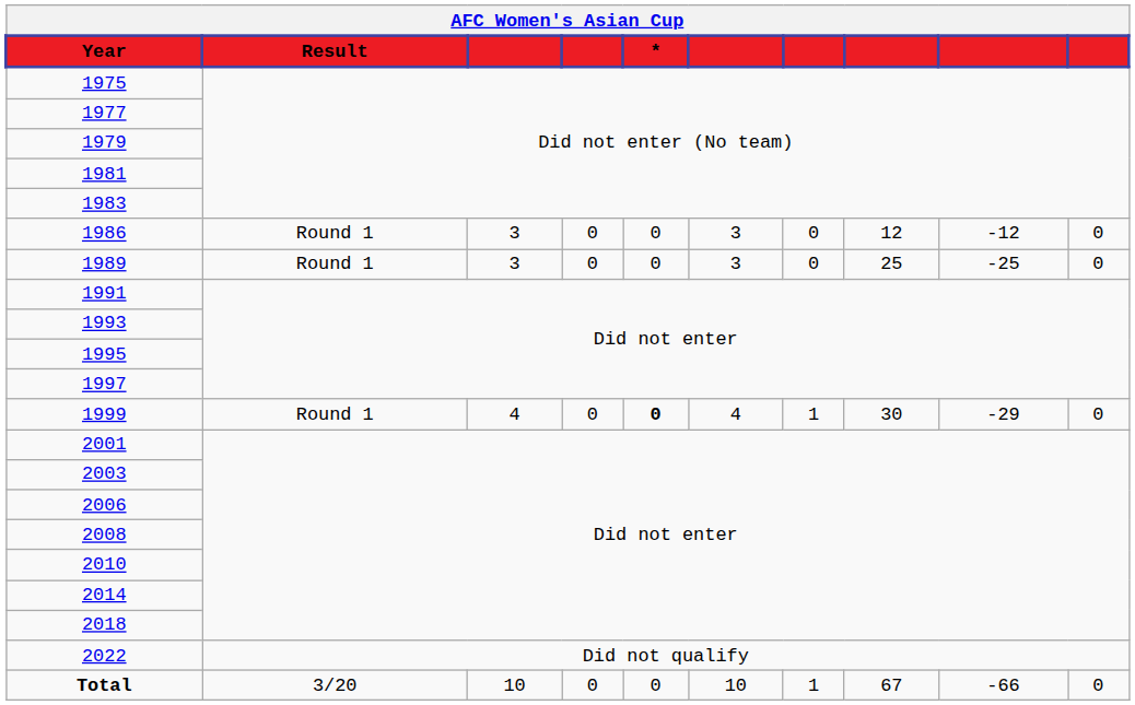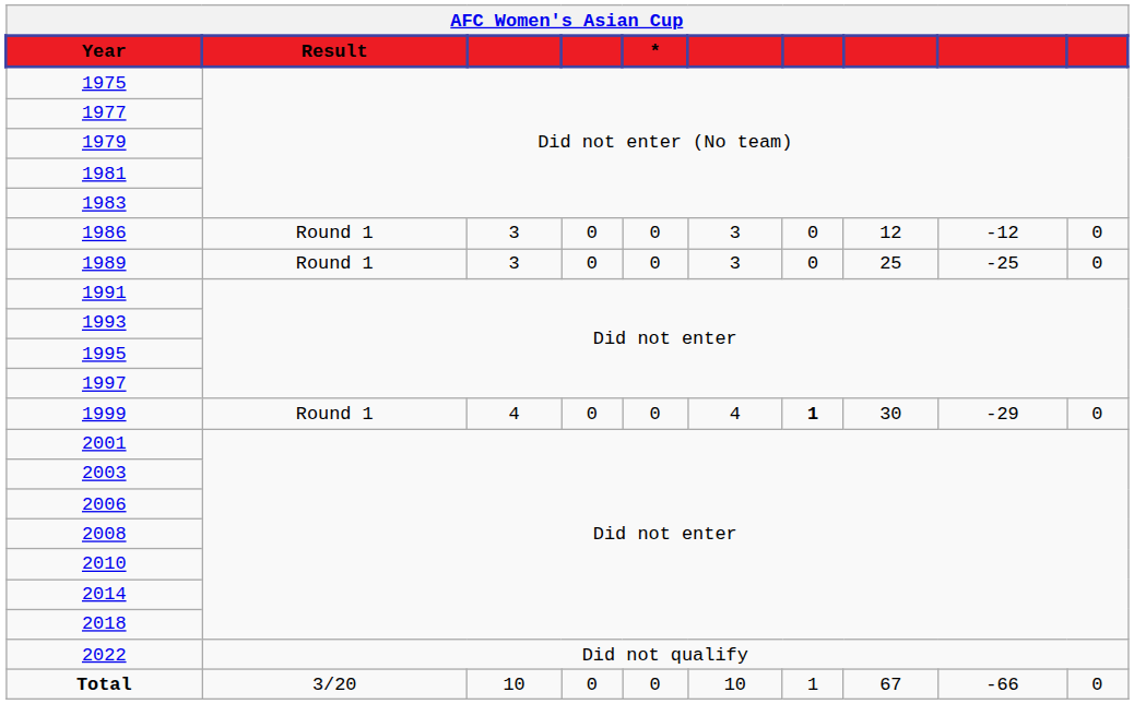 <table Class = "wikitable" style = "text-align: center; width:50%;">
 <tr>
 <th colspan=10><a href='#'>AFC Women's Asian Cup</a></th>
 </tr>
 <tr>
 <th style="background:#ED1C24;border: 2px solid #3F43A4;"><span>Year</span></th>
 <th style="background:#ED1C24;border: 2px solid #3F43A4;"><span>Result</span></th>
 <th style="background:#ED1C24;border: 2px solid #3F43A4;"><span></span></th>
 <th style="background:#ED1C24;border: 2px solid #3F43A4;"><span></span></th>
 <th style="background:#ED1C24;border: 2px solid #3F43A4;"><span>*</span></th>
 <th style="background:#ED1C24;border: 2px solid #3F43A4;"><span></span></th>
 <th style="background:#ED1C24;border: 2px solid #3F43A4;"><span></span></th>
 <th style="background:#ED1C24;border: 2px solid #3F43A4;"><span></span></th>
 <th style="background:#ED1C24;border: 2px solid #3F43A4;"><span></span></th>
 <th style="background:#ED1C24;border: 2px solid #3F43A4;"><span></span></th>
 </tr>
 <tr>
 <td> <a href='#'>1975</a></td>
 <td colspan = 9 rowspan = 5>Did not enter (No team)</td>
 </tr>
 <tr>
 <td> <a href='#'>1977</a></td>
 </tr>
 <tr>
 <td> <a href='#'>1979</a></td>
 </tr>
 <tr>
 <td> <a href='#'>1981</a></td>
 </tr>
 <tr>
 <td> <a href='#'>1983</a></td>
 </tr>
 <tr>
 <td> <a href='#'>1986</a></td>
 <td>Round 1</td>
 <td>3</td>
 <td>0</td>
 <td>0</td>
 <td>3</td>
 <td>0</td>
 <td>12</td>
 <td>-12</td>
 <td>0</td>
 </tr>
 <tr>
 <td> <a href='#'>1989</a></td>
 <td>Round 1</td>
 <td>3</td>
 <td>0</td>
 <td>0</td>
 <td>3</td>
 <td>0</td>
 <td>25</td>
 <td>-25</td>
 <td>0</td>
 </tr>
 <tr>
 <td> <a href='#'>1991</a></td>
 <td colspan = 9 rowspan = 4>Did not enter</td>
 </tr>
 <tr>
 <td> <a href='#'>1993</a></td>
 </tr>
 <tr>
 <td> <a href='#'>1995</a></td>
 </tr>
 <tr>
 <td> <a href='#'>1997</a></td>
 </tr>
 <tr>
 <td> <a href='#'>1999</a></td>
 <td>Round 1</td>
 <td>4</td>
 <td>0</td>
-<td><strong>0</strong></td>
+<td>0</td>
 <td>4</td>
-<td>1</td>
+<td><strong>1</strong></td>
 <td>30</td>
 <td>-29</td>
 <td>0</td>
 </tr>
 <tr>
 <td> <a href='#'>2001</a></td>
 <td colspan = 9 rowspan = 7>Did not enter</td>
 </tr>
 <tr>
 <td> <a href='#'>2003</a></td>
 </tr>
 <tr>
 <td> <a href='#'>2006</a></td>
 </tr>
 <tr>
 <td> <a href='#'>2008</a></td>
 </tr>
 <tr>
 <td> <a href='#'>2010</a></td>
 </tr>
 <tr>
 <td> <a href='#'>2014</a></td>
 </tr>
 <tr>
 <td> <a href='#'>2018</a></td>
 </tr>
 <tr>
 <td> <a href='#'>2022</a></td>
 <td colspan="9">Did not qualify</td>
 </tr>
 <tr>
 <td><strong>Total</strong></td>
 <td>3/20</td>
 <td>10</td>
 <td>0</td>
 <td>0</td>
 <td>10</td>
 <td>1</td>
 <td>67</td>
 <td>-66</td>
 <td>0</td>
 </tr>
 </table>
